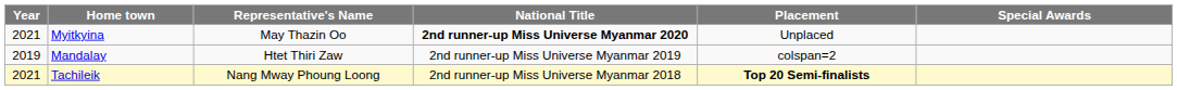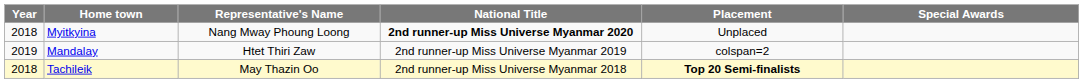 <table class="wikitable " style="font-size: 85%; text-align:center">
 <tr>
 <th width="40" style="background-color:#787878;color:#FFFFFF;">Year</th>
 <th width="150" style="background-color:#787878;color:#FFFFFF;">Home town</th>
 <th width="230" style="background-color:#787878;color:#FFFFFF;">Representative's Name</th>
 <th width="300" style="background-color:#787878;color:#FFFFFF;">National Title</th>
 <th width="230" style="background-color:#787878;color:#FFFFFF;">Placement</th>
 <th width="270" style="background-color:#787878;color:#FFFFFF;">Special Awards</th>
 </tr>
 <tr>
-<td>2021</td>
+<td>2018</td>
 <td align=left> <a href='#'>Myitkyina</a></td>
-<td>May Thazin Oo</td>
+<td>Nang Mway Phoung Loong</td>
 <td><strong>2nd runner-up Miss Universe Myanmar 2020</strong></td>
 <td>Unplaced</td>
 </tr>
 <tr>
 <td>2019</td>
 <td align=left> <a href='#'>Mandalay</a></td>
 <td>Htet Thiri Zaw</td>
 <td>2nd runner-up Miss Universe Myanmar 2019</td>
 <td>colspan=2 </td>
 <td></td>
 </tr>
 <tr style="background-color:#FFFACD; ">
-<td>2021</td>
+<td>2018</td>
 <td align=left> <a href='#'>Tachileik</a></td>
-<td>Nang Mway Phoung Loong</td>
+<td>May Thazin Oo</td>
 <td>2nd runner-up Miss Universe Myanmar 2018</td>
 <td><strong>Top 20 Semi-finalists</strong></td>
 <td style="background:;"></td>
 </tr>
 </table>
